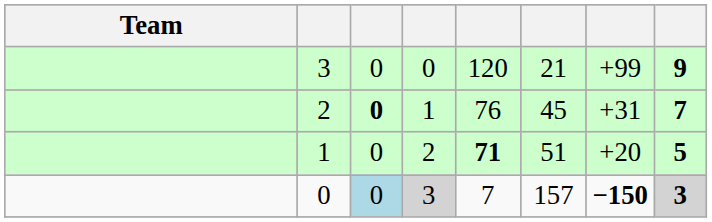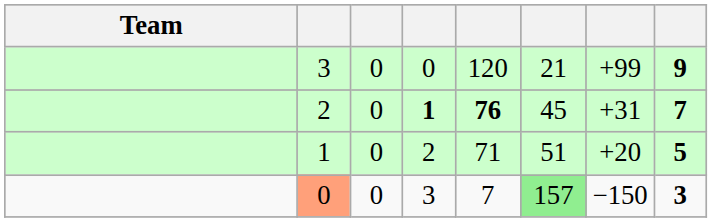 <table class="wikitable" style="text-align:center;">
 <tr>
 <th style="width:10.5em;">Team</th>
 <th style="width:1.5em;"></th>
 <th style="width:1.5em;"></th>
 <th style="width:1.5em;"></th>
 <th style="width:2.0em;"></th>
 <th style="width:2.0em;"></th>
 <th style="width:2.0em;"></th>
 <th style="width:1.5em;"></th>
 </tr>
 <tr bgcolor=#cfc>
 <td align="left"></td>
 <td>3</td>
 <td>0</td>
 <td>0</td>
 <td>120</td>
 <td>21</td>
 <td>+99</td>
 <td><strong>9</strong></td>
 </tr>
 <tr bgcolor=#cfc>
 <td align="left"></td>
 <td>2</td>
-<td><strong>0</strong></td>
-<td>1</td>
-<td>76</td>
+<td>0</td>
+<td><strong>1</strong></td>
+<td><strong>76</strong></td>
 <td>45</td>
 <td>+31</td>
 <td><strong>7</strong></td>
 </tr>
 <tr bgcolor=#cfc>
 <td align="left"></td>
 <td>1</td>
 <td>0</td>
 <td>2</td>
-<td><strong>71</strong></td>
+<td>71</td>
 <td>51</td>
 <td>+20</td>
 <td><strong>5</strong></td>
 </tr>
 <tr>
 <td align="left"></td>
+<td style="background: lightsalmon;">0</td>
 <td>0</td>
-<td style="background: lightblue;">0</td>
-<td style="background: lightgrey;">3</td>
+<td>3</td>
 <td>7</td>
-<td>157</td>
-<td><strong>−150</strong></td>
-<td style="background: lightgrey;"><strong>3</strong></td>
+<td style="background: lightgreen;">157</td>
+<td>−150</td>
+<td><strong>3</strong></td>
 </tr>
 </table>
